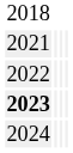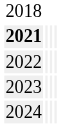 <table>
 <tr>
 <td>2018</td>
 <td></td>
 <td></td>
 <td></td>
 </tr>
 <tr bgcolor="#EFEFEF">
-<td>2021</td>
+<td><strong>2021</strong></td>
 <td></td>
 <td></td>
 <td></td>
 </tr>
 <tr bgcolor="#EFEFEF">
 <td>2022</td>
 <td></td>
 <td></td>
 <td></td>
 </tr>
 <tr bgcolor="#EFEFEF">
-<td><strong>2023</strong></td>
+<td>2023</td>
 <td></td>
 <td></td>
 <td></td>
 </tr>
 <tr bgcolor="#EFEFEF">
 <td>2024</td>
 <td></td>
 <td></td>
 <td></td>
 </tr>
 </table>
